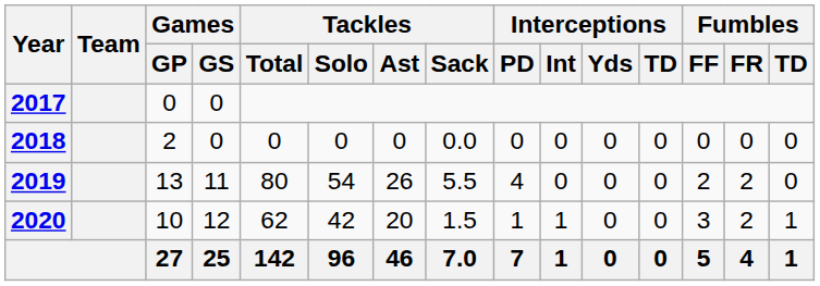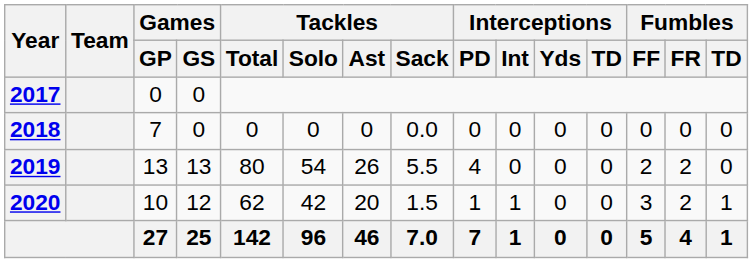 <table class="wikitable" style="text-align:center;">
 <tr>
 <th rowspan="2">Year</th>
 <th rowspan="2">Team</th>
 <th colspan="2">Games</th>
 <th colspan="4">Tackles</th>
 <th colspan="4">Interceptions</th>
 <th colspan="3">Fumbles</th>
 </tr>
 <tr>
 <th>GP</th>
 <th>GS</th>
 <th>Total</th>
 <th>Solo</th>
 <th>Ast</th>
 <th>Sack</th>
 <th>PD</th>
 <th>Int</th>
 <th>Yds</th>
 <th>TD</th>
 <th>FF</th>
 <th>FR</th>
 <th>TD</th>
 </tr>
 <tr>
 <th><a href='#'>2017</a></th>
 <th><a href='#'></a></th>
 <td>0</td>
 <td>0</td>
 <td colspan="11"></td>
 </tr>
 <tr>
 <th><a href='#'>2018</a></th>
 <th><a href='#'></a></th>
-<td>2</td>
+<td>7</td>
 <td>0</td>
 <td>0</td>
 <td>0</td>
 <td>0</td>
 <td>0.0</td>
 <td>0</td>
 <td>0</td>
 <td>0</td>
 <td>0</td>
 <td>0</td>
 <td>0</td>
 <td>0</td>
 </tr>
 <tr>
 <th><a href='#'>2019</a></th>
 <th><a href='#'></a></th>
 <td>13</td>
-<td>11</td>
+<td>13</td>
 <td>80</td>
 <td>54</td>
 <td>26</td>
 <td>5.5</td>
 <td>4</td>
 <td>0</td>
 <td>0</td>
 <td>0</td>
 <td>2</td>
 <td>2</td>
 <td>0</td>
 </tr>
 <tr>
 <th><a href='#'>2020</a></th>
 <th><a href='#'></a></th>
 <td>10</td>
 <td>12</td>
 <td>62</td>
 <td>42</td>
 <td>20</td>
 <td>1.5</td>
 <td>1</td>
 <td>1</td>
 <td>0</td>
 <td>0</td>
 <td>3</td>
 <td>2</td>
 <td>1</td>
 </tr>
 <tr>
 <th align=center colspan="2"></th>
 <th>27</th>
 <th>25</th>
 <th>142</th>
 <th>96</th>
 <th>46</th>
 <th>7.0</th>
 <th>7</th>
 <th>1</th>
 <th>0</th>
 <th>0</th>
 <th>5</th>
 <th>4</th>
 <th>1</th>
 </tr>
 </table>
